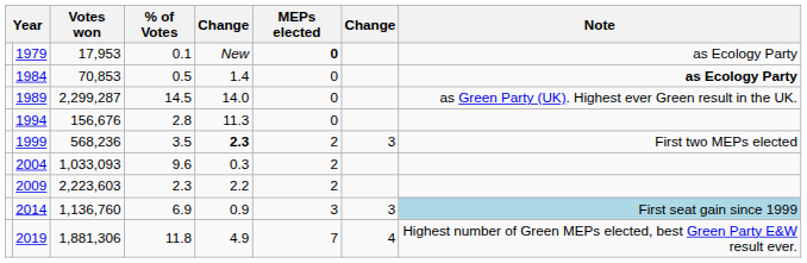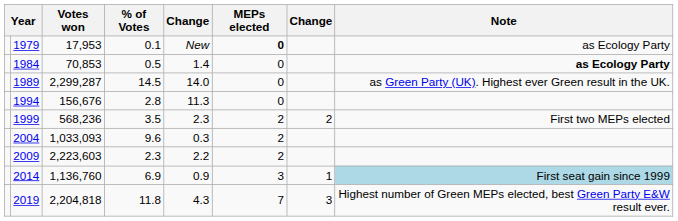 <table class="wikitable" style="text-align:right; font-size:95%;">
 <tr>
 <th colspan="2">Year</th>
 <th>Votes won</th>
 <th>% of Votes</th>
 <th>Change</th>
 <th>MEPs elected</th>
 <th>Change</th>
 <th>Note</th>
 </tr>
 <tr>
 <td width="1" style="color:inherit;background:"></td>
 <td><a href='#'>1979</a></td>
 <td>17,953</td>
 <td>0.1</td>
 <td><em>New</em></td>
 <td><strong>0</strong></td>
 <td></td>
 <td>as Ecology Party</td>
 </tr>
 <tr>
 <td style="color:inherit;background:"></td>
 <td><a href='#'>1984</a></td>
 <td>70,853</td>
 <td>0.5</td>
 <td>1.4</td>
 <td>0</td>
 <td></td>
 <td><strong>as Ecology Party</strong></td>
 </tr>
 <tr>
 <td style="color:inherit;background:"></td>
 <td><a href='#'>1989</a></td>
 <td>2,299,287</td>
 <td>14.5</td>
 <td>14.0</td>
 <td>0</td>
 <td></td>
 <td>as <a href='#'>Green Party (UK)</a>. Highest ever Green result in the UK.</td>
 </tr>
 <tr>
 <td style="color:inherit;background:"></td>
 <td><a href='#'>1994</a></td>
 <td>156,676</td>
 <td>2.8</td>
 <td>11.3</td>
 <td>0</td>
 <td></td>
 <td></td>
 </tr>
 <tr>
 <td style="color:inherit;background:"></td>
 <td><a href='#'>1999</a></td>
 <td>568,236</td>
 <td>3.5</td>
-<td><strong>2.3</strong></td>
+<td>2.3</td>
 <td>2</td>
-<td>3</td>
+<td>2</td>
 <td>First two MEPs elected</td>
 </tr>
 <tr>
 <td style="color:inherit;background:"></td>
 <td><a href='#'>2004</a></td>
 <td>1,033,093</td>
 <td>9.6</td>
 <td>0.3</td>
 <td>2</td>
 <td></td>
 <td></td>
 </tr>
 <tr>
 <td style="color:inherit;background:"></td>
 <td><a href='#'>2009</a></td>
 <td>2,223,603</td>
 <td>2.3</td>
 <td>2.2</td>
 <td>2</td>
 <td></td>
 <td></td>
 </tr>
 <tr>
 <td style="color:inherit;background:"></td>
 <td><a href='#'>2014</a></td>
 <td>1,136,760</td>
 <td>6.9</td>
 <td>0.9</td>
 <td>3</td>
-<td>3</td>
+<td>1</td>
 <td style="background: lightblue;">First seat gain since 1999</td>
 </tr>
 <tr>
 <td style="color:inherit;background:"></td>
 <td><a href='#'>2019</a></td>
-<td>1,881,306</td>
+<td>2,204,818</td>
 <td>11.8</td>
-<td>4.9</td>
+<td>4.3</td>
 <td>7</td>
-<td>4</td>
+<td>3</td>
 <td>Highest number of Green MEPs elected, best <a href='#'>Green Party E&W</a> result ever.</td>
 </tr>
 </table>
